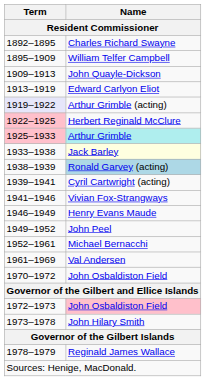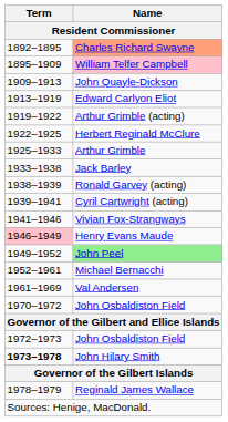 <table class=wikitable>
 <tr>
 <th>Term</th>
 <th>Name</th>
 </tr>
 <tr>
 <th colspan=2>Resident Commissioner</th>
 </tr>
 <tr>
 <td>1892–1895</td>
-<td><a href='#'>Charles Richard Swayne</a></td>
+<td style="background: lightsalmon;"><a href='#'>Charles Richard Swayne</a></td>
 </tr>
 <tr>
 <td>1895–1909</td>
-<td><a href='#'>William Telfer Campbell</a></td>
+<td style="background: pink;"><a href='#'>William Telfer Campbell</a></td>
 </tr>
 <tr>
 <td>1909–1913</td>
 <td><a href='#'>John Quayle-Dickson</a></td>
 </tr>
 <tr>
 <td>1913–1919</td>
 <td><a href='#'>Edward Carlyon Eliot</a></td>
 </tr>
 <tr>
-<td style="background: lavender;">1919–1922</td>
+<td>1919–1922</td>
 <td><a href='#'>Arthur Grimble</a> (acting)</td>
 </tr>
 <tr>
-<td style="background: pink;">1922–1925</td>
+<td>1922–1925</td>
 <td><a href='#'>Herbert Reginald McClure</a></td>
 </tr>
 <tr>
-<td style="background: pink;">1925–1933</td>
-<td style="background: paleturquoise;"><a href='#'>Arthur Grimble</a></td>
+<td>1925–1933</td>
+<td><a href='#'>Arthur Grimble</a></td>
 </tr>
 <tr>
 <td>1933–1938</td>
-<td style="background: lightyellow;"><a href='#'>Jack Barley</a></td>
+<td><a href='#'>Jack Barley</a></td>
 </tr>
 <tr>
 <td>1938–1939</td>
-<td style="background: lightblue;"><a href='#'>Ronald Garvey</a> (acting)</td>
+<td><a href='#'>Ronald Garvey</a> (acting)</td>
 </tr>
 <tr>
 <td>1939–1941</td>
 <td><a href='#'>Cyril Cartwright</a> (acting)</td>
 </tr>
 <tr>
 <td>1941–1946</td>
 <td><a href='#'>Vivian Fox-Strangways</a></td>
 </tr>
 <tr>
-<td>1946–1949</td>
+<td style="background: pink;">1946–1949</td>
 <td><a href='#'>Henry Evans Maude</a></td>
 </tr>
 <tr>
 <td>1949–1952</td>
-<td><a href='#'>John Peel</a></td>
+<td style="background: lightgreen;"><a href='#'>John Peel</a></td>
 </tr>
 <tr>
 <td>1952–1961</td>
 <td><a href='#'>Michael Bernacchi</a></td>
 </tr>
 <tr>
 <td>1961–1969</td>
 <td><a href='#'>Val Andersen</a></td>
 </tr>
 <tr>
 <td>1970–1972</td>
 <td><a href='#'>John Osbaldiston Field</a></td>
 </tr>
 <tr>
 <th colspan=2>Governor of the Gilbert and Ellice Islands</th>
 </tr>
 <tr>
 <td>1972–1973</td>
-<td style="background: pink;"><a href='#'>John Osbaldiston Field</a></td>
+<td><a href='#'>John Osbaldiston Field</a></td>
 </tr>
 <tr>
-<td>1973–1978</td>
+<td><strong>1973–1978</strong></td>
 <td><a href='#'>John Hilary Smith</a></td>
 </tr>
 <tr>
 <th colspan=2>Governor of the Gilbert Islands</th>
 </tr>
 <tr>
 <td>1978–1979</td>
 <td><a href='#'>Reginald James Wallace</a></td>
 </tr>
 <tr>
 <td colspan=2>Sources: Henige, MacDonald.</td>
 </tr>
 </table>
